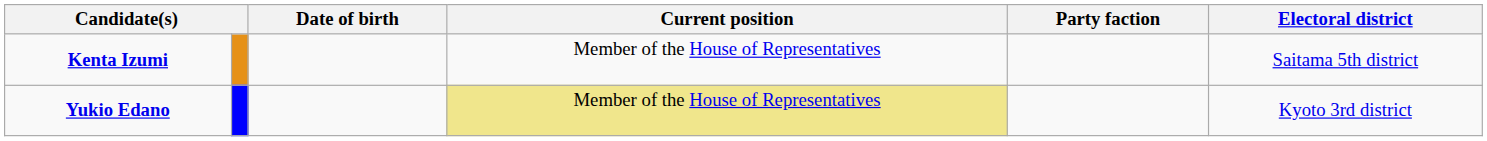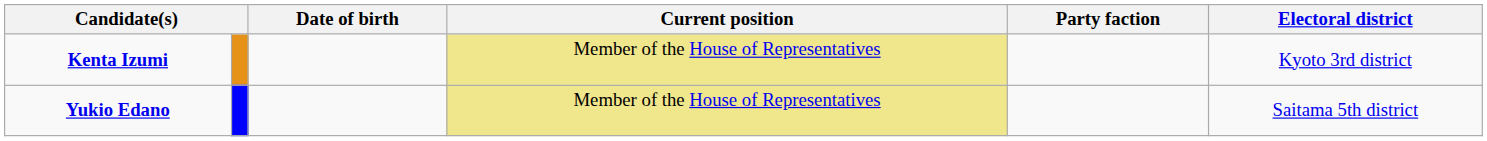 <table class="wikitable sortable" style="text-align:center;width:100%">
 <tr>
 <th colspan="2" style="width:110px;">Candidate(s)</th>
 <th>Date of birth</th>
 <th class="unsortable">Current position</th>
 <th>Party faction</th>
 <th><a href='#'>Electoral district</a></th>
 </tr>
 <tr>
 <td> <strong><a href='#'>Kenta Izumi</a></strong></td>
 <td style="background:#E69117"></td>
 <td><br></td>
-<td>Member of the <a href='#'>House of Representatives</a><br><br></td>
+<td style="background: khaki;">Member of the <a href='#'>House of Representatives</a><br><br></td>
 <td></td>
-<td> <a href='#'>Saitama 5th district</a></td>
+<td> <a href='#'>Kyoto 3rd district</a></td>
 </tr>
 <tr>
 <td> <strong><a href='#'>Yukio Edano</a></strong></td>
 <td style="background:#0000FF"></td>
 <td><br></td>
 <td style="background: khaki;">Member of the <a href='#'>House of Representatives</a><br><br></td>
 <td></td>
-<td> <a href='#'>Kyoto 3rd district</a></td>
+<td> <a href='#'>Saitama 5th district</a></td>
 </tr>
 </table>
